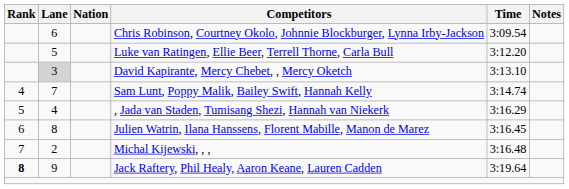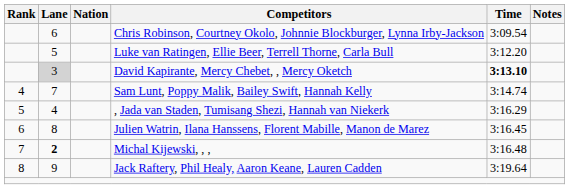 <table class="wikitable sortable" style="text-align:center">
 <tr>
 <th>Rank</th>
 <th>Lane</th>
 <th>Nation</th>
 <th>Competitors</th>
 <th>Time</th>
 <th>Notes</th>
 </tr>
 <tr>
 <td></td>
 <td>6</td>
 <td align="left"></td>
 <td align="left"><a href='#'>Chris Robinson</a>, <a href='#'>Courtney Okolo</a>, <a href='#'>Johnnie Blockburger</a>, <a href='#'>Lynna Irby-Jackson</a></td>
 <td>3:09.54</td>
 <td> </td>
 </tr>
 <tr>
 <td></td>
 <td>5</td>
 <td align="left"></td>
 <td align="left"><a href='#'>Luke van Ratingen</a>, <a href='#'>Ellie Beer</a>, <a href='#'>Terrell Thorne</a>, <a href='#'>Carla Bull</a></td>
 <td>3:12.20</td>
 <td></td>
 </tr>
 <tr>
 <td></td>
 <td style="background: lightgrey;">3</td>
 <td align="left"></td>
 <td align="left"><a href='#'>David Kapirante</a>, <a href='#'>Mercy Chebet</a>, , <a href='#'>Mercy Oketch</a></td>
-<td>3:13.10</td>
+<td><strong>3:13.10</strong></td>
 <td></td>
 </tr>
 <tr>
 <td>4</td>
 <td>7</td>
 <td align="left"></td>
 <td align="left"><a href='#'>Sam Lunt</a>, <a href='#'>Poppy Malik</a>, <a href='#'>Bailey Swift</a>, <a href='#'>Hannah Kelly</a></td>
 <td>3:14.74</td>
 <td></td>
 </tr>
 <tr>
 <td>5</td>
 <td>4</td>
 <td align="left"></td>
 <td align="left">, <a href='#'>Jada van Staden</a>, <a href='#'>Tumisang Shezi</a>, <a href='#'>Hannah van Niekerk</a></td>
 <td>3:16.29</td>
 <td></td>
 </tr>
 <tr>
 <td>6</td>
 <td>8</td>
 <td align="left"></td>
 <td align="left"><a href='#'>Julien Watrin</a>, <a href='#'>Ilana Hanssens</a>, <a href='#'>Florent Mabille</a>, <a href='#'>Manon de Marez</a></td>
 <td>3:16.45</td>
 <td></td>
 </tr>
 <tr>
 <td>7</td>
-<td>2</td>
+<td><strong>2</strong></td>
 <td align="left"></td>
 <td align="left"><a href='#'>Michal Kijewski</a>, , , </td>
 <td>3:16.48</td>
 <td></td>
 </tr>
 <tr>
-<td><strong>8</strong></td>
+<td>8</td>
 <td>9</td>
 <td align="left"></td>
 <td align="left"><a href='#'>Jack Raftery</a>, <a href='#'>Phil Healy,</a> <a href='#'>Aaron Keane</a>, <a href='#'>Lauren Cadden</a></td>
 <td>3:19.64</td>
 <td></td>
 </tr>
 <tr class="sortbottom">
 <td colspan="6"></td>
 </tr>
 </table>
